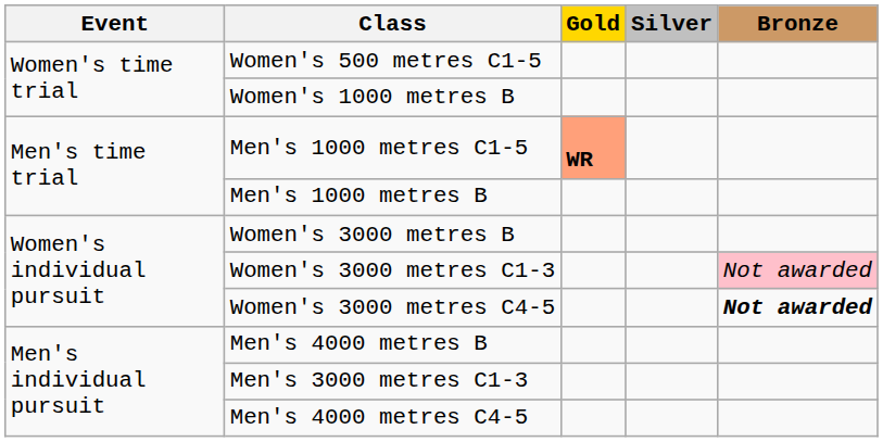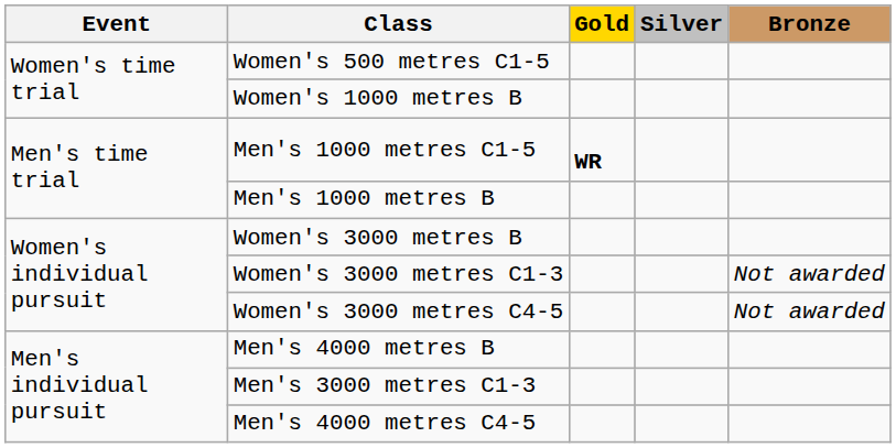 <table class=wikitable>
 <tr>
 <th width=120>Event</th>
 <th>Class</th>
 <th style="background:gold;">Gold</th>
 <th style="background:silver;">Silver</th>
 <th style="background:#CC9966;">Bronze</th>
 </tr>
 <tr>
 <td rowspan=2>Women's time trial<br></td>
 <td>Women's 500 metres C1-5</td>
 <td></td>
 <td></td>
 <td></td>
 </tr>
 <tr>
 <td>Women's 1000 metres B</td>
 <td></td>
 <td></td>
 <td></td>
 </tr>
 <tr>
 <td rowspan=2>Men's time trial<br></td>
 <td>Men's 1000 metres C1-5</td>
-<td style="background: lightsalmon;"><br> <strong> WR</strong></td>
+<td><br> <strong> WR</strong></td>
 <td></td>
 <td></td>
 </tr>
 <tr>
 <td>Men's 1000 metres B</td>
 <td></td>
 <td></td>
 <td></td>
 </tr>
 <tr>
 <td rowspan=3>Women's individual pursuit<br></td>
 <td>Women's 3000 metres B</td>
 <td></td>
 <td></td>
 <td></td>
 </tr>
 <tr>
 <td>Women's 3000 metres C1-3</td>
 <td></td>
 <td></td>
-<td style="background: pink;"><em>Not awarded</em></td>
+<td><em>Not awarded</em></td>
 </tr>
 <tr>
 <td>Women's 3000 metres C4-5</td>
 <td></td>
 <td></td>
-<td><strong><em>Not awarded</em></strong></td>
+<td><em>Not awarded</em></td>
 </tr>
 <tr>
 <td rowspan=3>Men's individual pursuit<br></td>
 <td>Men's 4000 metres B</td>
 <td></td>
 <td></td>
 <td></td>
 </tr>
 <tr>
 <td>Men's 3000 metres C1-3</td>
 <td></td>
 <td></td>
 <td></td>
 </tr>
 <tr>
 <td>Men's 4000 metres C4-5</td>
 <td></td>
 <td></td>
 <td></td>
 </tr>
 </table>
